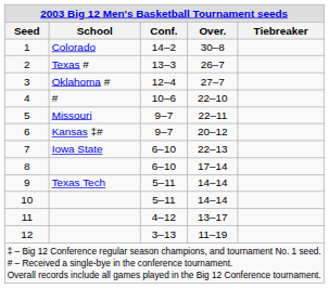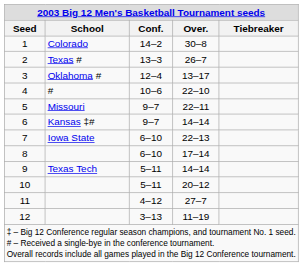 <table class="wikitable" style="white-space:nowrap; font-size:90%;text-align:center">
 <tr>
 <td colspan="10" style="text-align:center; background:#DDDDDD; font:#000000"><strong><a href='#'>2003 Big 12 Men's Basketball Tournament seeds</a></strong></td>
 </tr>
 <tr bgcolor="#efefef">
 <th>Seed</th>
 <th>School</th>
 <th>Conf.</th>
 <th>Over.</th>
 <th>Tiebreaker</th>
 </tr>
 <tr>
 <td>1</td>
 <td align=left><a href='#'>Colorado</a></td>
 <td>14–2</td>
 <td>30–8</td>
 <td></td>
 </tr>
 <tr>
 <td>2</td>
 <td align=left><a href='#'>Texas</a> #</td>
 <td>13–3</td>
 <td>26–7</td>
 <td></td>
 </tr>
 <tr>
 <td>3</td>
 <td align=left><a href='#'>Oklahoma</a> #</td>
 <td>12–4</td>
-<td>27–7</td>
+<td>13–17</td>
 <td></td>
 </tr>
 <tr>
 <td>4</td>
 <td align=left> #</td>
 <td>10–6</td>
 <td>22–10</td>
 <td></td>
 </tr>
 <tr>
 <td>5</td>
 <td align=left><a href='#'>Missouri</a></td>
 <td>9–7</td>
 <td>22–11</td>
 <td></td>
 </tr>
 <tr>
 <td>6</td>
 <td align=left><a href='#'>Kansas</a> ‡#</td>
 <td>9–7</td>
-<td>20–12</td>
+<td>14–14</td>
 <td></td>
 </tr>
 <tr>
 <td>7</td>
 <td align=left><a href='#'>Iowa State</a></td>
 <td>6–10</td>
 <td>22–13</td>
 <td></td>
 </tr>
 <tr>
 <td>8</td>
 <td align=left></td>
 <td>6–10</td>
 <td>17–14</td>
 <td></td>
 </tr>
 <tr>
 <td>9</td>
 <td align=left><a href='#'>Texas Tech</a></td>
 <td>5–11</td>
 <td>14–14</td>
 <td></td>
 </tr>
 <tr>
 <td>10</td>
 <td align=left></td>
 <td>5–11</td>
-<td>14–14</td>
+<td>20–12</td>
 <td></td>
 </tr>
 <tr>
 <td>11</td>
 <td align=left></td>
 <td>4–12</td>
-<td>13–17</td>
+<td>27–7</td>
 <td></td>
 </tr>
 <tr>
 <td>12</td>
 <td align=left></td>
 <td>3–13</td>
 <td>11–19</td>
 <td></td>
 </tr>
 <tr>
 <td colspan="10" style="text-align:left;"><small>‡ – Big 12 Conference regular season champions, and tournament No. 1 seed.<br># – Received a single-bye in the conference tournament.<br>Overall records include all games played in the Big 12 Conference tournament.</small></td>
 </tr>
 </table>
